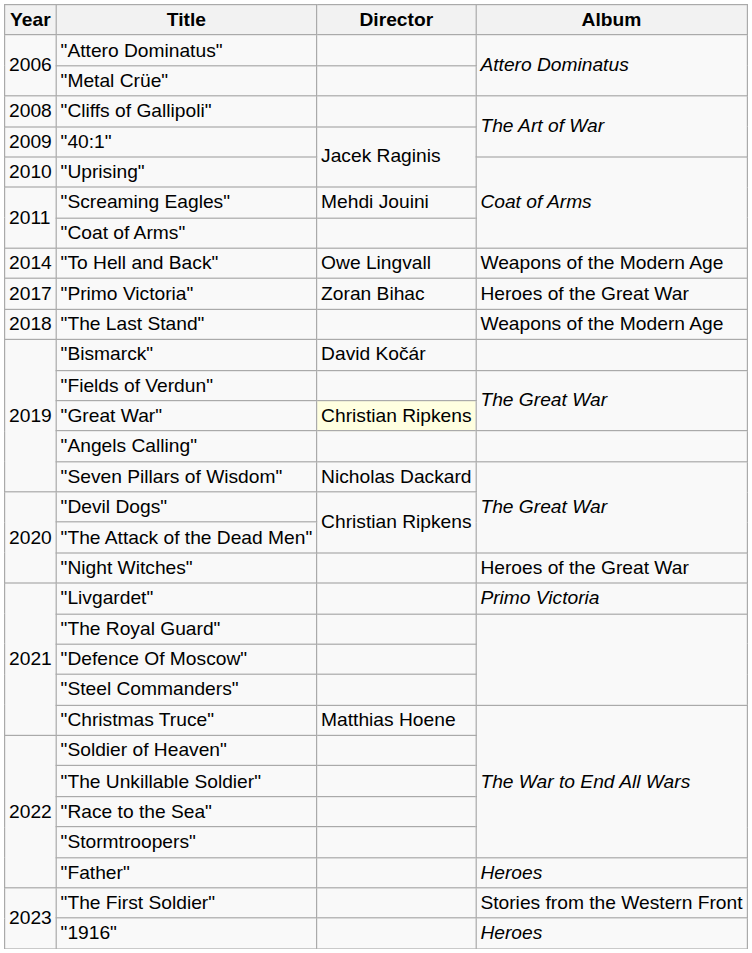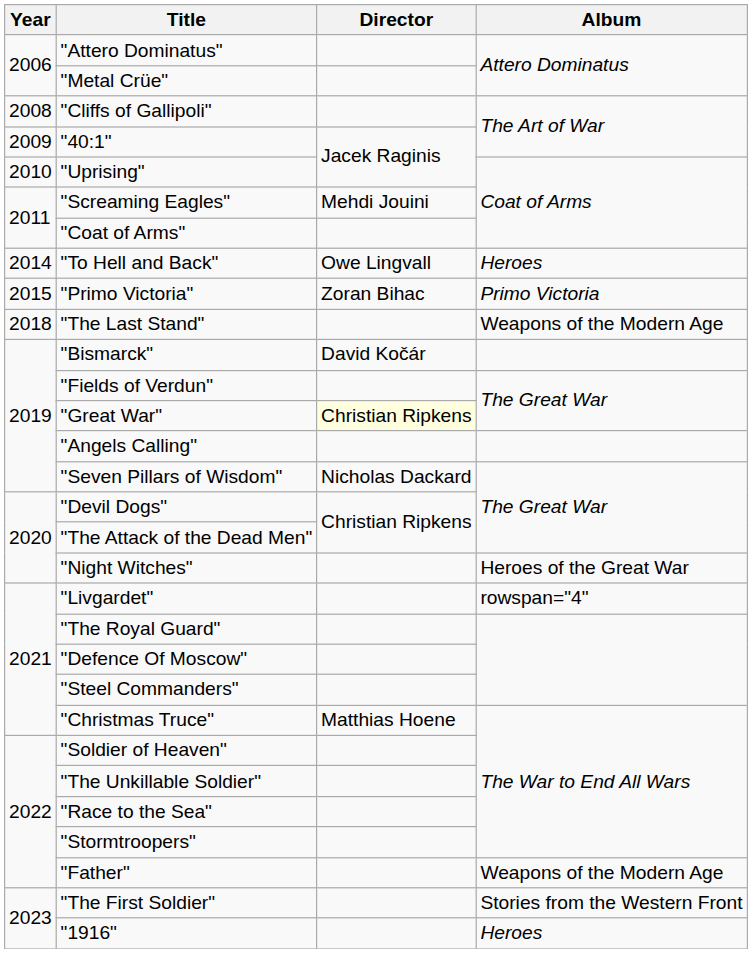 <table class="wikitable">
 <tr>
 <th>Year</th>
 <th>Title</th>
 <th>Director</th>
 <th>Album</th>
 </tr>
 <tr>
 <td rowspan=2>2006</td>
 <td>"Attero Dominatus"</td>
 <td></td>
 <td rowspan=2><em>Attero Dominatus</em></td>
 </tr>
 <tr>
 <td>"Metal Crüe"</td>
 <td></td>
 </tr>
 <tr>
 <td>2008</td>
 <td>"Cliffs of Gallipoli"</td>
 <td></td>
 <td rowspan=2><em>The Art of War</em></td>
 </tr>
 <tr>
 <td>2009</td>
 <td>"40:1"</td>
 <td rowspan=2>Jacek Raginis</td>
 </tr>
 <tr>
 <td>2010</td>
 <td>"Uprising"</td>
 <td rowspan=3><em>Coat of Arms</em></td>
 </tr>
 <tr>
 <td rowspan=2>2011</td>
 <td>"Screaming Eagles"</td>
 <td>Mehdi Jouini</td>
 </tr>
 <tr>
 <td>"Coat of Arms"</td>
 <td></td>
 </tr>
 <tr>
 <td>2014</td>
 <td>"To Hell and Back"</td>
 <td>Owe Lingvall</td>
-<td>Weapons of the Modern Age</td>
+<td><em>Heroes</em></td>
 </tr>
 <tr>
-<td>2017</td>
+<td>2015</td>
 <td>"Primo Victoria"</td>
 <td>Zoran Bihac</td>
-<td>Heroes of the Great War</td>
+<td><em>Primo Victoria</em></td>
 </tr>
 <tr>
 <td>2018</td>
 <td>"The Last Stand"</td>
 <td></td>
 <td>Weapons of the Modern Age</td>
 </tr>
 <tr>
 <td rowspan=5>2019</td>
 <td>"Bismarck"</td>
 <td>David Kočár</td>
 <td></td>
 </tr>
 <tr>
 <td>"Fields of Verdun"</td>
 <td></td>
 <td rowspan=2><em>The Great War</em></td>
 </tr>
 <tr>
 <td>"Great War"</td>
 <td style="background: lightyellow;">Christian Ripkens</td>
 </tr>
 <tr>
 <td>"Angels Calling"</td>
 <td></td>
 <td></td>
 </tr>
 <tr>
 <td>"Seven Pillars of Wisdom"</td>
 <td>Nicholas Dackard</td>
 <td rowspan=3><em>The Great War</em></td>
 </tr>
 <tr>
 <td rowspan="3">2020</td>
 <td>"Devil Dogs"</td>
 <td rowspan=2>Christian Ripkens</td>
 </tr>
 <tr>
 <td>"The Attack of the Dead Men"</td>
 </tr>
 <tr>
 <td>"Night Witches"</td>
 <td></td>
 <td>Heroes of the Great War</td>
 </tr>
 <tr>
 <td rowspan="5">2021</td>
 <td>"Livgardet"</td>
 <td></td>
-<td><em>Primo Victoria</em></td>
+<td>rowspan="4" </td>
 </tr>
 <tr>
 <td>"The Royal Guard"</td>
 <td></td>
 </tr>
 <tr>
 <td>"Defence Of Moscow"</td>
 <td></td>
 </tr>
 <tr>
 <td>"Steel Commanders"</td>
 <td></td>
 </tr>
 <tr>
 <td>"Christmas Truce"</td>
 <td>Matthias Hoene</td>
 <td rowspan="5"><em>The War to End All Wars</em></td>
 </tr>
 <tr>
 <td rowspan="5">2022</td>
 <td>"Soldier of Heaven"</td>
 <td></td>
 </tr>
 <tr>
 <td>"The Unkillable Soldier"</td>
 <td></td>
 </tr>
 <tr>
 <td>"Race to the Sea"</td>
 <td></td>
 </tr>
 <tr>
 <td>"Stormtroopers"</td>
 <td></td>
 </tr>
 <tr>
 <td>"Father"</td>
 <td></td>
-<td><em>Heroes</em></td>
+<td>Weapons of the Modern Age</td>
 </tr>
 <tr>
 <td rowspan="2">2023</td>
 <td>"The First Soldier"</td>
 <td></td>
 <td>Stories from the Western Front</td>
 </tr>
 <tr>
 <td>"1916"</td>
 <td></td>
 <td><em>Heroes</em></td>
 </tr>
 </table>
